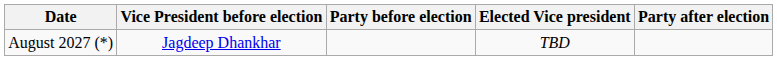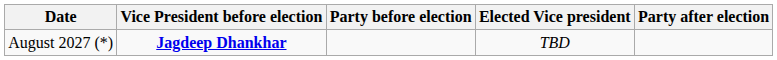 <table class="wikitable sortable" style="text-align:center;">
 <tr>
 <th>Date</th>
 <th>Vice President before election</th>
 <th colspan="2">Party before election</th>
 <th>Elected Vice president</th>
 <th colspan="2">Party after election</th>
 </tr>
 <tr>
 <td>August 2027 (*)</td>
-<td><a href='#'>Jagdeep Dhankhar</a></td>
+<td><strong><a href='#'>Jagdeep Dhankhar</a></strong></td>
 <td></td>
 <td colspan="2"><em>TBD</em></td>
 </tr>
 </table>
